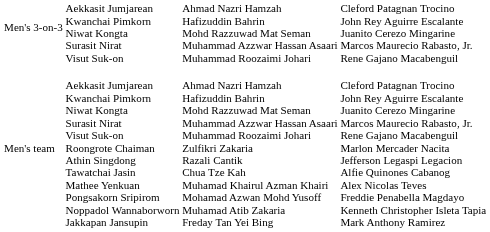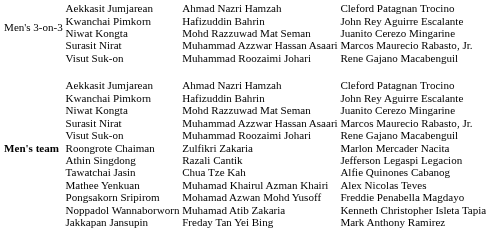 <table>
 <tr>
 <td>Men's 3-on-3</td>
 <td nowrap=true><br>Aekkasit Jumjarean<br>Kwanchai Pimkorn<br>Niwat Kongta<br>Surasit Nirat<br>Visut Suk-on</td>
 <td nowrap=true><br>Ahmad Nazri Hamzah<br>Hafizuddin Bahrin<br>Mohd Razzuwad Mat Seman<br>Muhammad Azzwar Hassan Asaari<br>Muhammad Roozaimi Johari</td>
 <td nowrap=true><br>Cleford Patagnan Trocino<br>John Rey Aguirre Escalante<br>Juanito Cerezo Mingarine<br>Marcos Maurecio Rabasto, Jr.<br>Rene Gajano Macabenguil</td>
 </tr>
 <tr>
-<td>Men's team</td>
+<td><strong>Men's team</strong></td>
 <td nowrap=true><br>Aekkasit Jumjarean<br>Kwanchai Pimkorn<br>Niwat Kongta<br>Surasit Nirat<br>Visut Suk-on<br>Roongrote Chaiman<br>Athin Singdong<br>Tawatchai Jasin<br>Mathee Yenkuan<br>Pongsakorn Sripirom<br>Noppadol Wannaborworn<br>Jakkapan Jansupin</td>
 <td nowrap=true><br>Ahmad Nazri Hamzah<br>Hafizuddin Bahrin<br>Mohd Razzuwad Mat Seman<br>Muhammad Azzwar Hassan Asaari<br>Muhammad Roozaimi Johari<br>Zulfikri Zakaria<br>Razali Cantik<br>Chua Tze Kah<br>Muhamad Khairul Azman Khairi<br>Mohamad Azwan Mohd Yusoff<br>Muhamad Atib Zakaria<br>Freday Tan Yei Bing</td>
 <td nowrap=true><br>Cleford Patagnan Trocino<br>John Rey Aguirre Escalante<br>Juanito Cerezo Mingarine<br>Marcos Maurecio Rabasto, Jr.<br>Rene Gajano Macabenguil<br>Marlon Mercader Nacita<br>Jefferson Legaspi Legacion<br>Alfie Quinones Cabanog<br>Alex Nicolas Teves<br>Freddie Penabella Magdayo<br>Kenneth Christopher Isleta Tapia<br>Mark Anthony Ramirez</td>
 </tr>
 </table>
